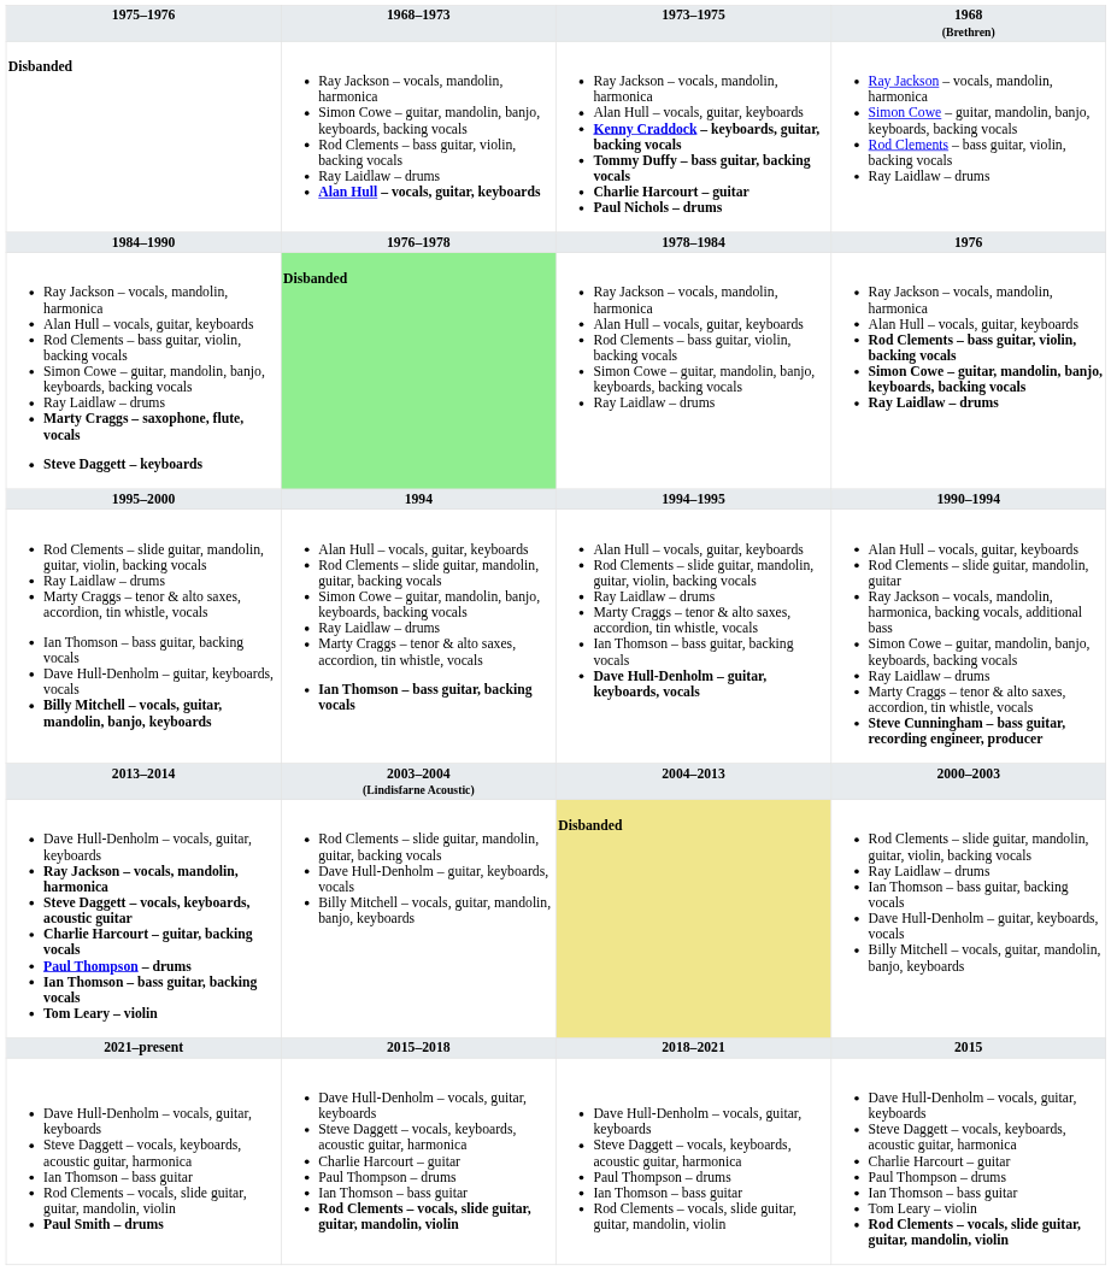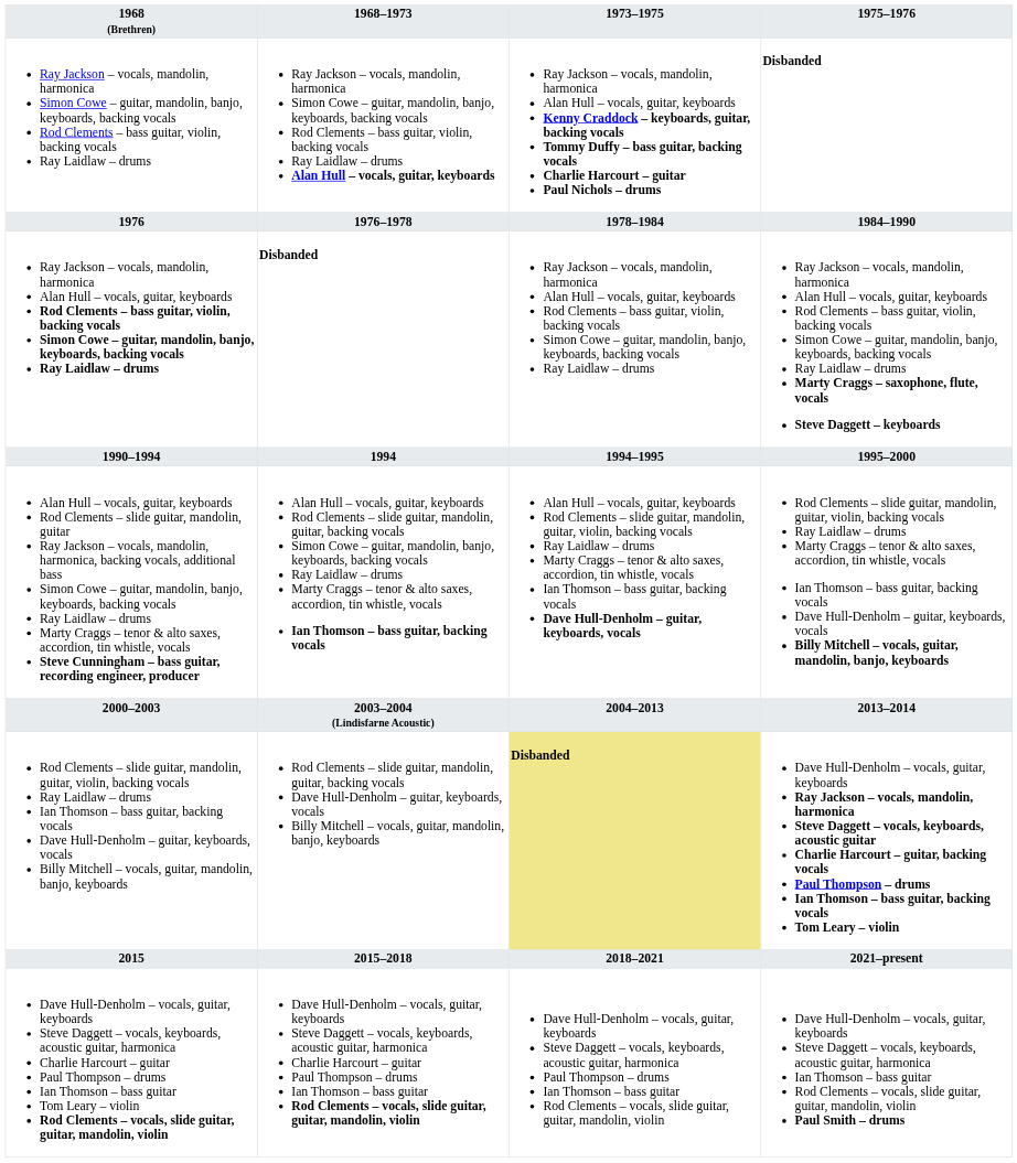 <table class="toccolours" border="1" cellpadding="2" cellspacing="0" style="float:width:375px; margin:0 0 1em 1em; border-collapse:collapse; border:1px solid #e2e2e2; width:99%;">
 <tr>
-<th style="vertical-align:top; background:#e7ebee; width:25%;">1975–1976</th>
+<th style="vertical-align:top; background:#e7ebee; width:25%;">1968<br><small>(Brethren)</small></th>
 <th style="vertical-align:top; background:#e7ebee; width:25%;">1968–1973</th>
 <th style="vertical-align:top; background:#e7ebee; width:25%;">1973–1975</th>
-<th style="vertical-align:top; background:#e7ebee; width:25%;">1968<br><small>(Brethren)</small></th>
+<th style="vertical-align:top; background:#e7ebee; width:25%;">1975–1976</th>
 </tr>
 <tr>
-<td valign="top"><br><strong>Disbanded</strong></td>
+<td valign="top"><br><ul><li><a href='#'>Ray Jackson</a> – vocals, mandolin, harmonica</li><li><a href='#'>Simon Cowe</a> – guitar, mandolin, banjo, keyboards, backing vocals</li><li><a href='#'>Rod Clements</a> – bass guitar, violin, backing vocals</li><li>Ray Laidlaw – drums</li></ul></td>
 <td valign="top"><br><ul><li>Ray Jackson – vocals, mandolin, harmonica</li><li>Simon Cowe – guitar, mandolin, banjo, keyboards, backing vocals</li><li>Rod Clements – bass guitar, violin, backing vocals</li><li>Ray Laidlaw – drums</li><li><strong><a href='#'>Alan Hull</a> – vocals, guitar, keyboards</strong></li></ul></td>
 <td valign="top"><br><ul><li>Ray Jackson – vocals, mandolin, harmonica</li><li>Alan Hull – vocals, guitar, keyboards</li><li><strong><a href='#'>Kenny Craddock</a> – keyboards, guitar, backing vocals</strong></li><li><strong>Tommy Duffy – bass guitar, backing vocals</strong></li><li><strong>Charlie Harcourt – guitar</strong></li><li><strong>Paul Nichols – drums</strong></li></ul></td>
-<td valign="top"><br><ul><li><a href='#'>Ray Jackson</a> – vocals, mandolin, harmonica</li><li><a href='#'>Simon Cowe</a> – guitar, mandolin, banjo, keyboards, backing vocals</li><li><a href='#'>Rod Clements</a> – bass guitar, violin, backing vocals</li><li>Ray Laidlaw – drums</li></ul></td>
+<td valign="top"><br><strong>Disbanded</strong></td>
 </tr>
 <tr>
-<th style="vertical-align:top; background:#e7ebee; width:25%;">1984–1990</th>
+<th style="vertical-align:top; background:#e7ebee; width:25%;">1976</th>
 <th style="vertical-align:top; background:#e7ebee; width:25%;">1976–1978</th>
 <th style="vertical-align:top; background:#e7ebee; width:25%;">1978–1984</th>
-<th style="vertical-align:top; background:#e7ebee; width:25%;">1976</th>
+<th style="vertical-align:top; background:#e7ebee; width:25%;">1984–1990</th>
 </tr>
 <tr>
+<td valign="top"><br><ul><li>Ray Jackson – vocals, mandolin, harmonica</li><li>Alan Hull – vocals, guitar, keyboards</li><li><strong>Rod Clements – bass guitar, violin, backing vocals</strong></li><li><strong>Simon Cowe – guitar, mandolin, banjo, keyboards, backing vocals</strong></li><li><strong>Ray Laidlaw – drums</strong></li></ul></td>
+<td valign="top"><br><strong>Disbanded</strong></td>
+<td valign="top"><br><ul><li>Ray Jackson – vocals, mandolin, harmonica</li><li>Alan Hull – vocals, guitar, keyboards</li><li>Rod Clements – bass guitar, violin, backing vocals</li><li>Simon Cowe – guitar, mandolin, banjo, keyboards, backing vocals</li><li>Ray Laidlaw – drums</li></ul></td>
 <td valign="top"><br><ul><li>Ray Jackson – vocals, mandolin, harmonica</li><li>Alan Hull – vocals, guitar, keyboards</li><li>Rod Clements – bass guitar, violin, backing vocals</li><li>Simon Cowe – guitar, mandolin, banjo, keyboards, backing vocals</li><li>Ray Laidlaw – drums</li><li><strong>Marty Craggs – saxophone, flute, vocals</strong></li></ul><ul><li><strong>Steve Daggett – keyboards </strong></li></ul></td>
-<td valign="top" style="background: lightgreen;"><br><strong>Disbanded</strong></td>
-<td valign="top"><br><ul><li>Ray Jackson – vocals, mandolin, harmonica</li><li>Alan Hull – vocals, guitar, keyboards</li><li>Rod Clements – bass guitar, violin, backing vocals</li><li>Simon Cowe – guitar, mandolin, banjo, keyboards, backing vocals</li><li>Ray Laidlaw – drums</li></ul></td>
-<td valign="top"><br><ul><li>Ray Jackson – vocals, mandolin, harmonica</li><li>Alan Hull – vocals, guitar, keyboards</li><li><strong>Rod Clements – bass guitar, violin, backing vocals</strong></li><li><strong>Simon Cowe – guitar, mandolin, banjo, keyboards, backing vocals</strong></li><li><strong>Ray Laidlaw – drums</strong></li></ul></td>
 </tr>
 <tr>
-<th style="vertical-align:top; background:#e7ebee; width:25%;">1995–2000</th>
+<th style="vertical-align:top; background:#e7ebee; width:25%;">1990–1994</th>
 <th style="vertical-align:top; background:#e7ebee; width:25%;">1994</th>
 <th style="vertical-align:top; background:#e7ebee; width:25%;">1994–1995</th>
-<th style="vertical-align:top; background:#e7ebee; width:25%;">1990–1994</th>
+<th style="vertical-align:top; background:#e7ebee; width:25%;">1995–2000</th>
 </tr>
 <tr>
-<td valign="top"><br><ul><li>Rod Clements – slide guitar, mandolin, guitar, violin, backing vocals</li><li>Ray Laidlaw – drums</li><li>Marty Craggs – tenor & alto saxes, accordion, tin whistle, vocals</li></ul><ul><li>Ian Thomson – bass guitar, backing vocals</li><li>Dave Hull-Denholm – guitar, keyboards, vocals</li><li><strong>Billy Mitchell – vocals, guitar, mandolin, banjo, keyboards</strong></li></ul></td>
+<td valign="top"><br><ul><li>Alan Hull – vocals, guitar, keyboards</li><li>Rod Clements – slide guitar, mandolin, guitar</li><li>Ray Jackson – vocals, mandolin, harmonica, backing vocals, additional bass</li><li>Simon Cowe – guitar, mandolin, banjo, keyboards, backing vocals</li><li>Ray Laidlaw – drums</li><li>Marty Craggs – tenor & alto saxes, accordion, tin whistle, vocals</li><li><strong>Steve Cunningham – bass guitar, recording engineer, producer</strong></li></ul></td>
 <td valign="top"><br><ul><li>Alan Hull – vocals, guitar, keyboards</li><li>Rod Clements – slide guitar, mandolin, guitar, backing vocals</li><li>Simon Cowe – guitar, mandolin, banjo, keyboards, backing vocals</li><li>Ray Laidlaw – drums</li><li>Marty Craggs – tenor & alto saxes, accordion, tin whistle, vocals</li></ul><ul><li><strong>Ian Thomson – bass guitar, backing vocals</strong></li></ul></td>
 <td valign="top"><br><ul><li>Alan Hull – vocals, guitar, keyboards</li><li>Rod Clements – slide guitar, mandolin, guitar, violin, backing vocals</li><li>Ray Laidlaw – drums</li><li>Marty Craggs – tenor & alto saxes, accordion, tin whistle, vocals</li><li>Ian Thomson – bass guitar, backing vocals</li><li><strong>Dave Hull-Denholm – guitar, keyboards, vocals</strong></li></ul></td>
-<td valign="top"><br><ul><li>Alan Hull – vocals, guitar, keyboards</li><li>Rod Clements – slide guitar, mandolin, guitar</li><li>Ray Jackson – vocals, mandolin, harmonica, backing vocals, additional bass</li><li>Simon Cowe – guitar, mandolin, banjo, keyboards, backing vocals</li><li>Ray Laidlaw – drums</li><li>Marty Craggs – tenor & alto saxes, accordion, tin whistle, vocals</li><li><strong>Steve Cunningham – bass guitar, recording engineer, producer</strong></li></ul></td>
+<td valign="top"><br><ul><li>Rod Clements – slide guitar, mandolin, guitar, violin, backing vocals</li><li>Ray Laidlaw – drums</li><li>Marty Craggs – tenor & alto saxes, accordion, tin whistle, vocals</li></ul><ul><li>Ian Thomson – bass guitar, backing vocals</li><li>Dave Hull-Denholm – guitar, keyboards, vocals</li><li><strong>Billy Mitchell – vocals, guitar, mandolin, banjo, keyboards</strong></li></ul></td>
 </tr>
 <tr>
-<th style="vertical-align:top; background:#e7ebee; width:25%;">2013–2014</th>
+<th style="vertical-align:top; background:#e7ebee; width:25%;">2000–2003</th>
 <th style="vertical-align:top; background:#e7ebee; width:25%;">2003–2004<br><small>(Lindisfarne Acoustic)</small></th>
 <th style="vertical-align:top; background:#e7ebee; width:25%;">2004–2013</th>
-<th style="vertical-align:top; background:#e7ebee; width:25%;">2000–2003</th>
+<th style="vertical-align:top; background:#e7ebee; width:25%;">2013–2014</th>
 </tr>
 <tr>
-<td valign="top"><br><ul><li>Dave Hull-Denholm – vocals, guitar, keyboards</li><li><strong>Ray Jackson – vocals, mandolin, harmonica</strong></li><li><strong>Steve Daggett – vocals, keyboards, acoustic guitar</strong></li><li><strong>Charlie Harcourt – guitar, backing vocals</strong></li><li><strong><a href='#'>Paul Thompson</a> – drums</strong></li><li><strong>Ian Thomson – bass guitar, backing vocals</strong></li><li><strong>Tom Leary – violin</strong></li></ul></td>
+<td valign="top"><br><ul><li>Rod Clements – slide guitar, mandolin, guitar, violin, backing vocals</li><li>Ray Laidlaw – drums</li><li>Ian Thomson – bass guitar, backing vocals</li><li>Dave Hull-Denholm – guitar, keyboards, vocals</li><li>Billy Mitchell – vocals, guitar, mandolin, banjo, keyboards</li></ul></td>
 <td valign="top"><br><ul><li>Rod Clements – slide guitar, mandolin, guitar, backing vocals</li><li>Dave Hull-Denholm – guitar, keyboards, vocals</li><li>Billy Mitchell – vocals, guitar, mandolin, banjo, keyboards</li></ul></td>
 <td valign="top" style="background: khaki;"><br><strong>Disbanded</strong></td>
-<td valign="top"><br><ul><li>Rod Clements – slide guitar, mandolin, guitar, violin, backing vocals</li><li>Ray Laidlaw – drums</li><li>Ian Thomson – bass guitar, backing vocals</li><li>Dave Hull-Denholm – guitar, keyboards, vocals</li><li>Billy Mitchell – vocals, guitar, mandolin, banjo, keyboards</li></ul></td>
+<td valign="top"><br><ul><li>Dave Hull-Denholm – vocals, guitar, keyboards</li><li><strong>Ray Jackson – vocals, mandolin, harmonica</strong></li><li><strong>Steve Daggett – vocals, keyboards, acoustic guitar</strong></li><li><strong>Charlie Harcourt – guitar, backing vocals</strong></li><li><strong><a href='#'>Paul Thompson</a> – drums</strong></li><li><strong>Ian Thomson – bass guitar, backing vocals</strong></li><li><strong>Tom Leary – violin</strong></li></ul></td>
 </tr>
 <tr>
-<th style="vertical-align:top; background:#e7ebee; width:25%;">2021–present</th>
+<th style="vertical-align:top; background:#e7ebee; width:25%;">2015</th>
 <th style="vertical-align:top; background:#e7ebee; width:25%;">2015–2018</th>
 <th style="vertical-align:top; background:#e7ebee; width:25%;">2018–2021</th>
-<th style="vertical-align:top; background:#e7ebee; width:25%;">2015</th>
+<th style="vertical-align:top; background:#e7ebee; width:25%;">2021–present</th>
 </tr>
 <tr>
-<td><br><ul><li>Dave Hull-Denholm – vocals, guitar, keyboards</li><li>Steve Daggett – vocals, keyboards, acoustic guitar, harmonica</li><li>Ian Thomson – bass guitar</li><li>Rod Clements – vocals, slide guitar, guitar, mandolin, violin</li><li><strong>Paul Smith – drums</strong></li></ul></td>
+<td valign="top"><br><ul><li>Dave Hull-Denholm – vocals, guitar, keyboards</li><li>Steve Daggett – vocals, keyboards, acoustic guitar, harmonica</li><li>Charlie Harcourt – guitar</li><li>Paul Thompson – drums</li><li>Ian Thomson – bass guitar</li><li>Tom Leary – violin</li><li><strong>Rod Clements – vocals, slide guitar, guitar, mandolin, violin</strong></li></ul></td>
 <td valign="top"><br><ul><li>Dave Hull-Denholm – vocals, guitar, keyboards</li><li>Steve Daggett – vocals, keyboards, acoustic guitar, harmonica</li><li>Charlie Harcourt – guitar</li><li>Paul Thompson – drums</li><li>Ian Thomson – bass guitar</li><li><strong>Rod Clements – vocals, slide guitar, guitar, mandolin, violin</strong></li></ul></td>
 <td><br><ul><li>Dave Hull-Denholm – vocals, guitar, keyboards</li><li>Steve Daggett – vocals, keyboards, acoustic guitar, harmonica</li><li>Paul Thompson – drums</li><li>Ian Thomson – bass guitar</li><li>Rod Clements – vocals, slide guitar, guitar, mandolin, violin</li></ul></td>
-<td valign="top"><br><ul><li>Dave Hull-Denholm – vocals, guitar, keyboards</li><li>Steve Daggett – vocals, keyboards, acoustic guitar, harmonica</li><li>Charlie Harcourt – guitar</li><li>Paul Thompson – drums</li><li>Ian Thomson – bass guitar</li><li>Tom Leary – violin</li><li><strong>Rod Clements – vocals, slide guitar, guitar, mandolin, violin</strong></li></ul></td>
+<td><br><ul><li>Dave Hull-Denholm – vocals, guitar, keyboards</li><li>Steve Daggett – vocals, keyboards, acoustic guitar, harmonica</li><li>Ian Thomson – bass guitar</li><li>Rod Clements – vocals, slide guitar, guitar, mandolin, violin</li><li><strong>Paul Smith – drums</strong></li></ul></td>
 </tr>
 </table>
